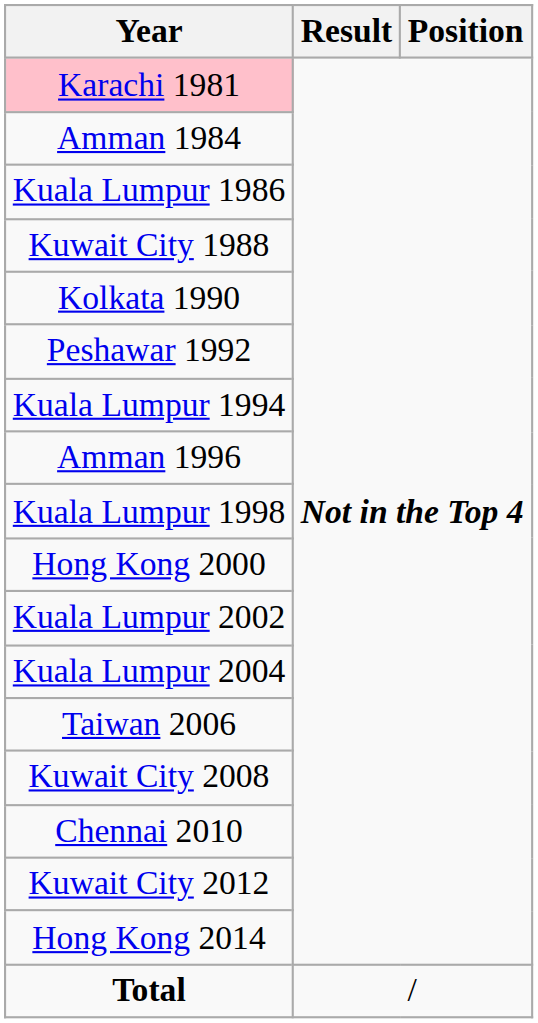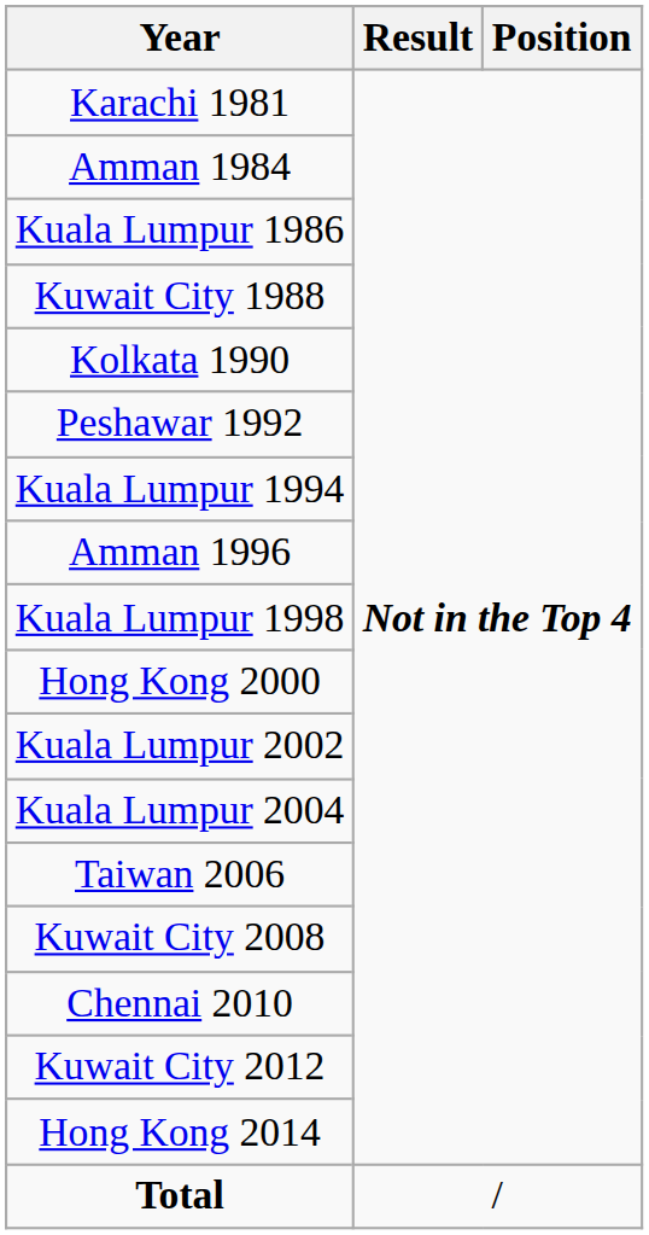 <table class="wikitable" style="text-align: center;">
 <tr>
 <th>Year</th>
 <th>Result</th>
 <th>Position</th>
 </tr>
 <tr>
-<td style="background: pink;"> <a href='#'>Karachi</a> 1981</td>
+<td> <a href='#'>Karachi</a> 1981</td>
 <td rowspan=17 colspan=2><strong><em>Not in the Top 4</em></strong></td>
 </tr>
 <tr>
 <td> <a href='#'>Amman</a> 1984</td>
 </tr>
 <tr>
 <td> <a href='#'>Kuala Lumpur</a> 1986</td>
 </tr>
 <tr>
 <td> <a href='#'>Kuwait City</a> 1988</td>
 </tr>
 <tr>
 <td> <a href='#'>Kolkata</a> 1990</td>
 </tr>
 <tr>
 <td> <a href='#'>Peshawar</a> 1992</td>
 </tr>
 <tr>
 <td> <a href='#'>Kuala Lumpur</a> 1994</td>
 </tr>
 <tr>
 <td> <a href='#'>Amman</a> 1996</td>
 </tr>
 <tr>
 <td> <a href='#'>Kuala Lumpur</a> 1998</td>
 </tr>
 <tr>
 <td> <a href='#'>Hong Kong</a> 2000</td>
 </tr>
 <tr>
 <td> <a href='#'>Kuala Lumpur</a> 2002</td>
 </tr>
 <tr>
 <td> <a href='#'>Kuala Lumpur</a> 2004</td>
 </tr>
 <tr>
 <td> <a href='#'>Taiwan</a> 2006</td>
 </tr>
 <tr>
 <td> <a href='#'>Kuwait City</a> 2008</td>
 </tr>
 <tr>
 <td> <a href='#'>Chennai</a> 2010</td>
 </tr>
 <tr>
 <td> <a href='#'>Kuwait City</a> 2012</td>
 </tr>
 <tr>
 <td> <a href='#'>Hong Kong</a> 2014</td>
 </tr>
 <tr>
 <td><strong>Total</strong></td>
 <td rowspan="1" colspan="2" align="center">/</td>
 </tr>
 </table>
